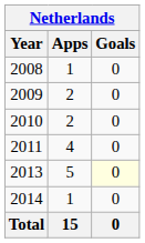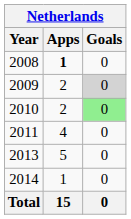 <table class="wikitable" style="text-align:center">
 <tr>
 <th colspan=3><a href='#'>Netherlands</a></th>
 </tr>
 <tr>
 <th>Year</th>
 <th>Apps</th>
 <th>Goals</th>
 </tr>
 <tr>
 <td>2008</td>
-<td>1</td>
+<td><strong>1</strong></td>
 <td>0</td>
 </tr>
 <tr>
 <td>2009</td>
 <td>2</td>
-<td>0</td>
+<td style="background: lightgrey;">0</td>
 </tr>
 <tr>
 <td>2010</td>
 <td>2</td>
-<td>0</td>
+<td style="background: lightgreen;">0</td>
 </tr>
 <tr>
 <td>2011</td>
 <td>4</td>
 <td>0</td>
 </tr>
 <tr>
 <td>2013</td>
 <td>5</td>
-<td style="background: lightyellow;">0</td>
+<td>0</td>
 </tr>
 <tr>
 <td>2014</td>
 <td>1</td>
 <td>0</td>
 </tr>
 <tr>
 <th>Total</th>
 <th>15</th>
 <th>0</th>
 </tr>
 </table>
